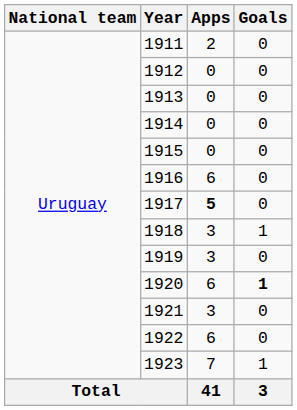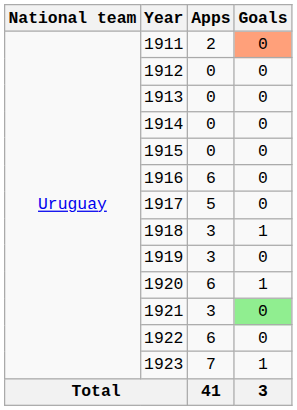 <table class="wikitable" style="text-align:center">
 <tr>
 <th>National team</th>
 <th>Year</th>
 <th>Apps</th>
 <th>Goals</th>
 </tr>
 <tr>
 <td rowspan=13><a href='#'>Uruguay</a></td>
 <td>1911</td>
 <td>2</td>
-<td>0</td>
+<td style="background: lightsalmon;">0</td>
 </tr>
 <tr>
 <td>1912</td>
 <td>0</td>
 <td>0</td>
 </tr>
 <tr>
 <td>1913</td>
 <td>0</td>
 <td>0</td>
 </tr>
 <tr>
 <td>1914</td>
 <td>0</td>
 <td>0</td>
 </tr>
 <tr>
 <td>1915</td>
 <td>0</td>
 <td>0</td>
 </tr>
 <tr>
 <td>1916</td>
 <td>6</td>
 <td>0</td>
 </tr>
 <tr>
 <td>1917</td>
-<td><strong>5</strong></td>
+<td>5</td>
 <td>0</td>
 </tr>
 <tr>
 <td>1918</td>
 <td>3</td>
 <td>1</td>
 </tr>
 <tr>
 <td>1919</td>
 <td>3</td>
 <td>0</td>
 </tr>
 <tr>
 <td>1920</td>
 <td>6</td>
-<td><strong>1</strong></td>
+<td>1</td>
 </tr>
 <tr>
 <td>1921</td>
 <td>3</td>
-<td>0</td>
+<td style="background: lightgreen;">0</td>
 </tr>
 <tr>
 <td>1922</td>
 <td>6</td>
 <td>0</td>
 </tr>
 <tr>
 <td>1923</td>
 <td>7</td>
 <td>1</td>
 </tr>
 <tr>
 <th colspan=2>Total</th>
 <th>41</th>
 <th>3</th>
 </tr>
 </table>
